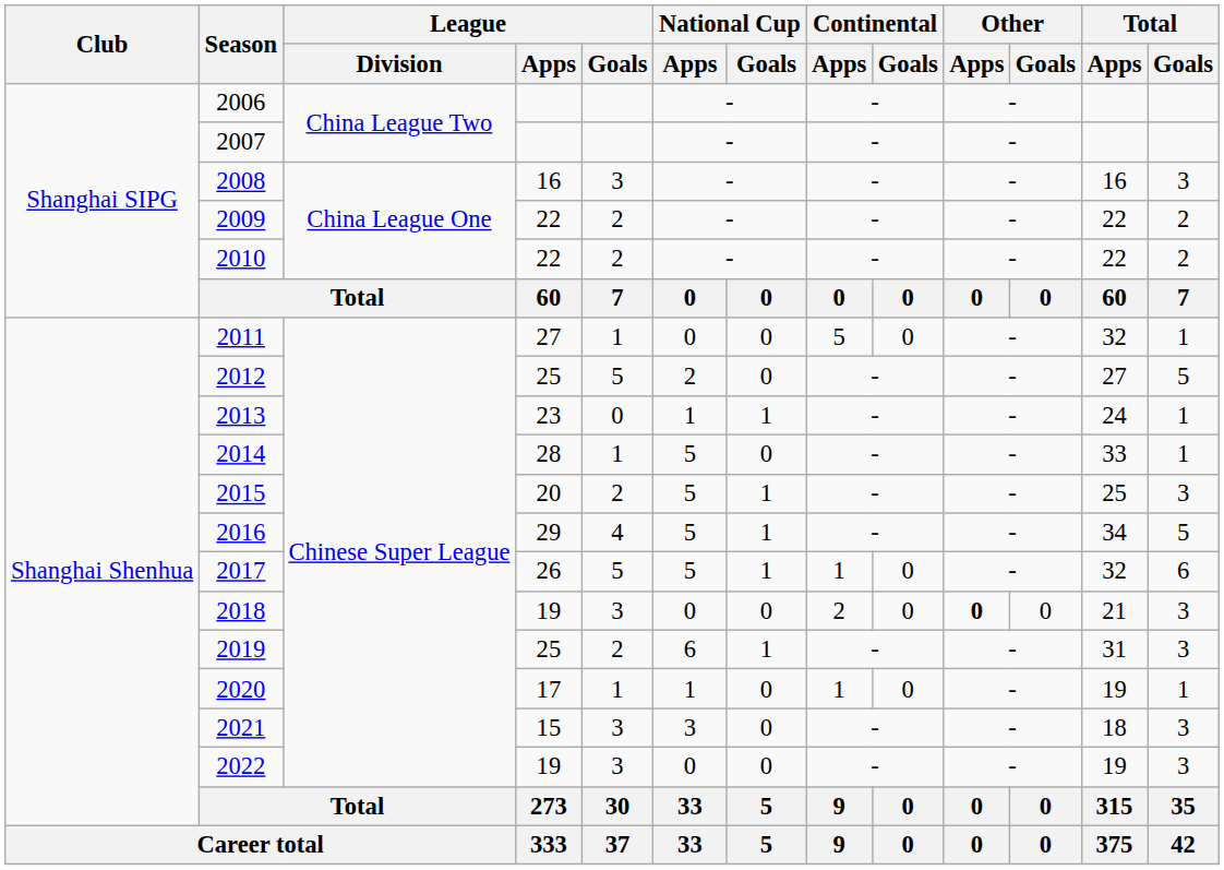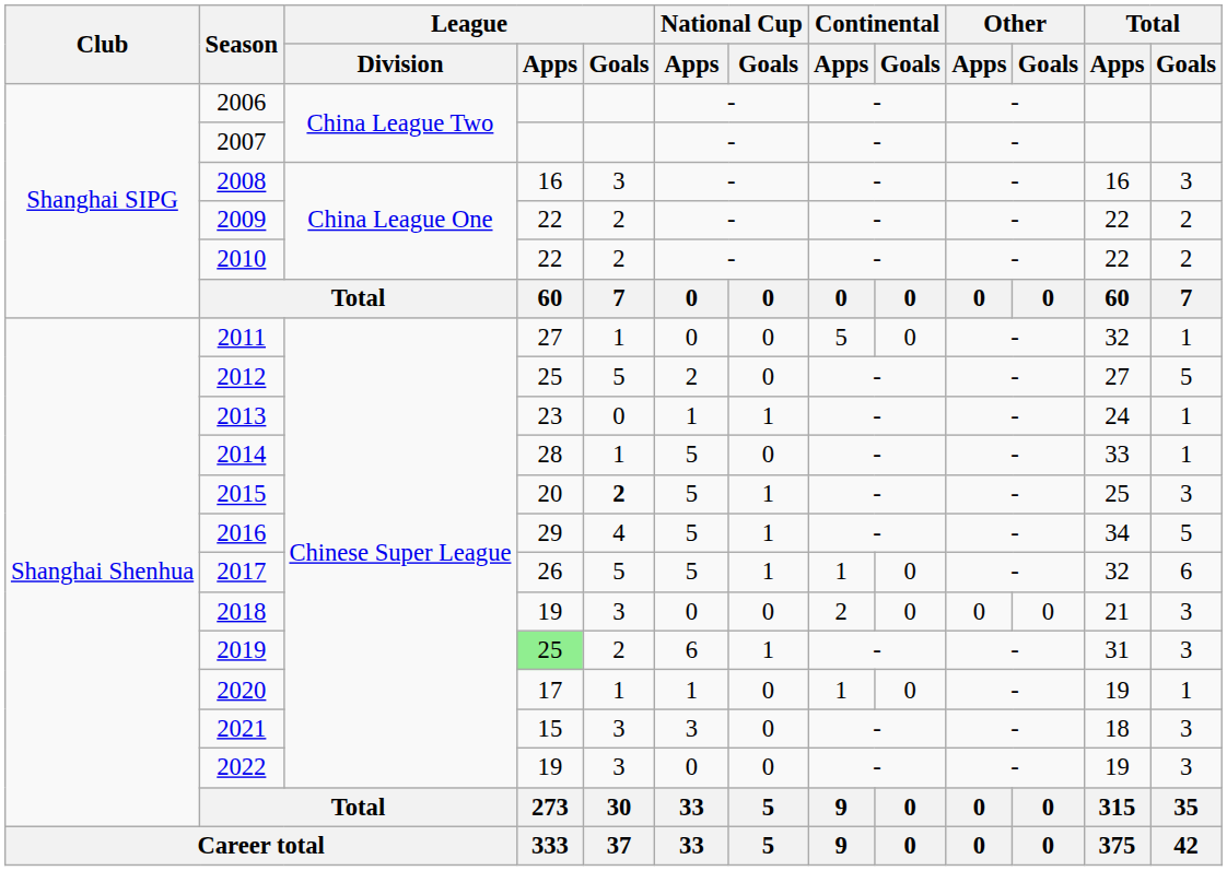 <table class="wikitable" style="text-align: center">
 <tr>
 <th rowspan="2">Club</th>
 <th rowspan="2">Season</th>
 <th colspan="3">League</th>
 <th colspan="2">National Cup</th>
 <th colspan="2">Continental</th>
 <th colspan="2">Other</th>
 <th colspan="2">Total</th>
 </tr>
 <tr>
 <th>Division</th>
 <th>Apps</th>
 <th>Goals</th>
 <th>Apps</th>
 <th>Goals</th>
 <th>Apps</th>
 <th>Goals</th>
 <th>Apps</th>
 <th>Goals</th>
 <th>Apps</th>
 <th>Goals</th>
 </tr>
 <tr>
 <td rowspan="6"><a href='#'>Shanghai SIPG</a></td>
 <td>2006</td>
 <td rowspan="2"><a href='#'>China League Two</a></td>
 <td></td>
 <td></td>
 <td colspan="2">-</td>
 <td colspan="2">-</td>
 <td colspan="2">-</td>
 <td></td>
 <td></td>
 </tr>
 <tr>
 <td>2007</td>
 <td></td>
 <td></td>
 <td colspan="2">-</td>
 <td colspan="2">-</td>
 <td colspan="2">-</td>
 <td></td>
 <td></td>
 </tr>
 <tr>
 <td><a href='#'>2008</a></td>
 <td rowspan="3"><a href='#'>China League One</a></td>
 <td>16</td>
 <td>3</td>
 <td colspan="2">-</td>
 <td colspan="2">-</td>
 <td colspan="2">-</td>
 <td>16</td>
 <td>3</td>
 </tr>
 <tr>
 <td><a href='#'>2009</a></td>
 <td>22</td>
 <td>2</td>
 <td colspan="2">-</td>
 <td colspan="2">-</td>
 <td colspan="2">-</td>
 <td>22</td>
 <td>2</td>
 </tr>
 <tr>
 <td><a href='#'>2010</a></td>
 <td>22</td>
 <td>2</td>
 <td colspan="2">-</td>
 <td colspan="2">-</td>
 <td colspan="2">-</td>
 <td>22</td>
 <td>2</td>
 </tr>
 <tr>
 <th colspan="2"><strong>Total</strong></th>
 <th>60</th>
 <th>7</th>
 <th>0</th>
 <th>0</th>
 <th>0</th>
 <th>0</th>
 <th>0</th>
 <th>0</th>
 <th>60</th>
 <th>7</th>
 </tr>
 <tr>
 <td rowspan=13><a href='#'>Shanghai Shenhua</a></td>
 <td><a href='#'>2011</a></td>
 <td rowspan=12><a href='#'>Chinese Super League</a></td>
 <td>27</td>
 <td>1</td>
 <td>0</td>
 <td>0</td>
 <td>5</td>
 <td>0</td>
 <td colspan="2">-</td>
 <td>32</td>
 <td>1</td>
 </tr>
 <tr>
 <td><a href='#'>2012</a></td>
 <td>25</td>
 <td>5</td>
 <td>2</td>
 <td>0</td>
 <td colspan="2">-</td>
 <td colspan="2">-</td>
 <td>27</td>
 <td>5</td>
 </tr>
 <tr>
 <td><a href='#'>2013</a></td>
 <td>23</td>
 <td>0</td>
 <td>1</td>
 <td>1</td>
 <td colspan="2">-</td>
 <td colspan="2">-</td>
 <td>24</td>
 <td>1</td>
 </tr>
 <tr>
 <td><a href='#'>2014</a></td>
 <td>28</td>
 <td>1</td>
 <td>5</td>
 <td>0</td>
 <td colspan="2">-</td>
 <td colspan="2">-</td>
 <td>33</td>
 <td>1</td>
 </tr>
 <tr>
 <td><a href='#'>2015</a></td>
 <td>20</td>
-<td>2</td>
+<td><strong>2</strong></td>
 <td>5</td>
 <td>1</td>
 <td colspan="2">-</td>
 <td colspan="2">-</td>
 <td>25</td>
 <td>3</td>
 </tr>
 <tr>
 <td><a href='#'>2016</a></td>
 <td>29</td>
 <td>4</td>
 <td>5</td>
 <td>1</td>
 <td colspan="2">-</td>
 <td colspan="2">-</td>
 <td>34</td>
 <td>5</td>
 </tr>
 <tr>
 <td><a href='#'>2017</a></td>
 <td>26</td>
 <td>5</td>
 <td>5</td>
 <td>1</td>
 <td>1</td>
 <td>0</td>
 <td colspan="2">-</td>
 <td>32</td>
 <td>6</td>
 </tr>
 <tr>
 <td><a href='#'>2018</a></td>
 <td>19</td>
 <td>3</td>
 <td>0</td>
 <td>0</td>
 <td>2</td>
 <td>0</td>
-<td><strong>0</strong></td>
+<td>0</td>
 <td>0</td>
 <td>21</td>
 <td>3</td>
 </tr>
 <tr>
 <td><a href='#'>2019</a></td>
-<td>25</td>
+<td style="background: lightgreen;">25</td>
 <td>2</td>
 <td>6</td>
 <td>1</td>
 <td colspan="2">-</td>
 <td colspan="2">-</td>
 <td>31</td>
 <td>3</td>
 </tr>
 <tr>
 <td><a href='#'>2020</a></td>
 <td>17</td>
 <td>1</td>
 <td>1</td>
 <td>0</td>
 <td>1</td>
 <td>0</td>
 <td colspan="2">-</td>
 <td>19</td>
 <td>1</td>
 </tr>
 <tr>
 <td><a href='#'>2021</a></td>
 <td>15</td>
 <td>3</td>
 <td>3</td>
 <td>0</td>
 <td colspan="2">-</td>
 <td colspan="2">-</td>
 <td>18</td>
 <td>3</td>
 </tr>
 <tr>
 <td><a href='#'>2022</a></td>
 <td>19</td>
 <td>3</td>
 <td>0</td>
 <td>0</td>
 <td colspan="2">-</td>
 <td colspan="2">-</td>
 <td>19</td>
 <td>3</td>
 </tr>
 <tr>
 <th colspan="2"><strong>Total</strong></th>
 <th>273</th>
 <th>30</th>
 <th>33</th>
 <th>5</th>
 <th>9</th>
 <th>0</th>
 <th>0</th>
 <th>0</th>
 <th>315</th>
 <th>35</th>
 </tr>
 <tr>
 <th colspan=3>Career total</th>
 <th>333</th>
 <th>37</th>
 <th>33</th>
 <th>5</th>
 <th>9</th>
 <th>0</th>
 <th>0</th>
 <th>0</th>
 <th>375</th>
 <th>42</th>
 </tr>
 </table>
